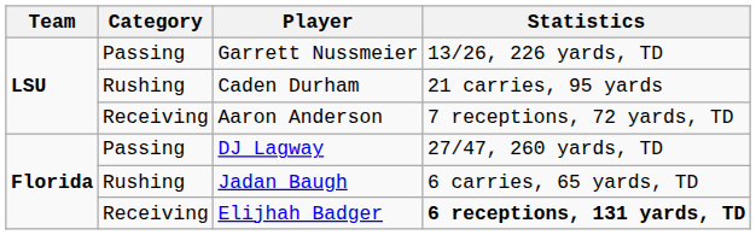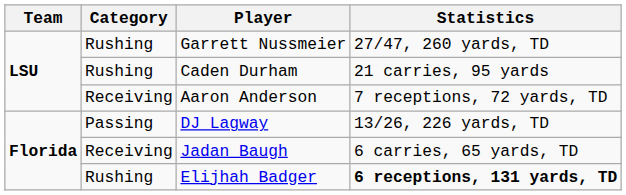 <table class="wikitable" style="float: right;">
 <tr>
 <th>Team</th>
 <th>Category</th>
 <th>Player</th>
 <th>Statistics</th>
 </tr>
 <tr>
 <td rowspan=3><strong>LSU</strong></td>
-<td>Passing</td>
+<td>Rushing</td>
 <td>Garrett Nussmeier</td>
-<td>13/26, 226 yards, TD</td>
+<td>27/47, 260 yards, TD</td>
 </tr>
 <tr>
 <td>Rushing</td>
 <td>Caden Durham</td>
 <td>21 carries, 95 yards</td>
 </tr>
 <tr>
 <td>Receiving</td>
 <td>Aaron Anderson</td>
 <td>7 receptions, 72 yards, TD</td>
 </tr>
 <tr>
 <td rowspan=3><strong>Florida</strong></td>
 <td>Passing</td>
 <td><a href='#'>DJ Lagway</a></td>
-<td>27/47, 260 yards, TD</td>
+<td>13/26, 226 yards, TD</td>
 </tr>
 <tr>
-<td>Rushing</td>
+<td>Receiving</td>
 <td><a href='#'>Jadan Baugh</a></td>
 <td>6 carries, 65 yards, TD</td>
 </tr>
 <tr>
-<td>Receiving</td>
+<td>Rushing</td>
 <td><a href='#'>Elijhah Badger</a></td>
 <td><strong>6 receptions, 131 yards, TD</strong></td>
 </tr>
 </table>
